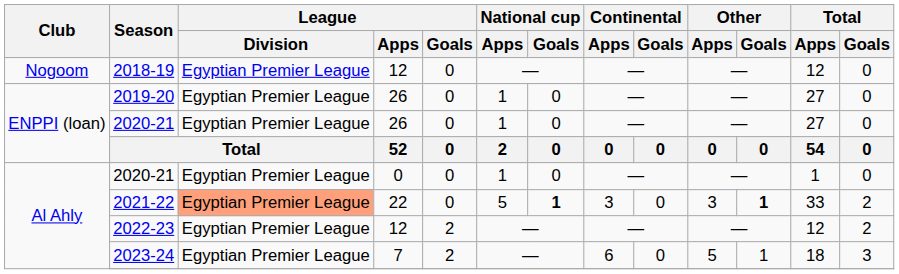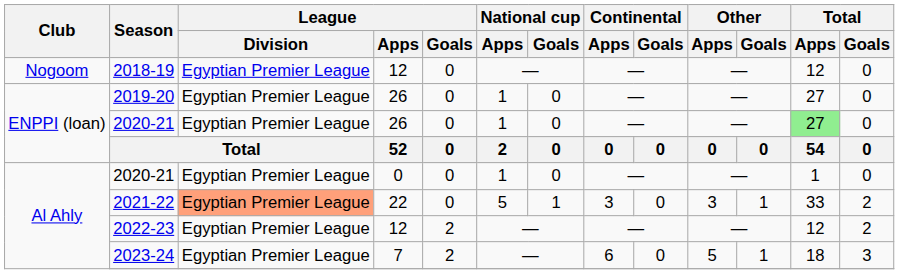 <table class="wikitable" style="text-align:center">
 <tr>
 <th rowspan="2">Club</th>
 <th rowspan="2">Season</th>
 <th colspan="3">League</th>
 <th colspan="2">National cup</th>
 <th colspan="2">Continental</th>
 <th colspan="2">Other</th>
 <th colspan="2">Total</th>
 </tr>
 <tr>
 <th>Division</th>
 <th>Apps</th>
 <th>Goals</th>
 <th>Apps</th>
 <th>Goals</th>
 <th>Apps</th>
 <th>Goals</th>
 <th>Apps</th>
 <th>Goals</th>
 <th>Apps</th>
 <th>Goals</th>
 </tr>
 <tr>
 <td><a href='#'>Nogoom</a></td>
 <td><a href='#'>2018-19</a></td>
 <td><a href='#'>Egyptian Premier League</a></td>
 <td>12</td>
 <td>0</td>
 <td colspan="2">—</td>
 <td colspan="2">—</td>
 <td colspan="2">—</td>
 <td>12</td>
 <td>0</td>
 </tr>
 <tr>
 <td rowspan="3"><a href='#'>ENPPI</a> (loan)</td>
 <td><a href='#'>2019-20</a></td>
 <td>Egyptian Premier League</td>
 <td>26</td>
 <td>0</td>
 <td>1</td>
 <td>0</td>
 <td colspan="2">—</td>
 <td colspan="2">—</td>
 <td>27</td>
 <td>0</td>
 </tr>
 <tr>
 <td><a href='#'>2020-21</a></td>
 <td>Egyptian Premier League</td>
 <td>26</td>
 <td>0</td>
 <td>1</td>
 <td>0</td>
 <td colspan="2">—</td>
 <td colspan="2">—</td>
-<td>27</td>
+<td style="background: lightgreen;">27</td>
 <td>0</td>
 </tr>
 <tr>
 <th colspan="2">Total</th>
 <th>52</th>
 <th>0</th>
 <th>2</th>
 <th>0</th>
 <th>0</th>
 <th>0</th>
 <th>0</th>
 <th>0</th>
 <th>54</th>
 <th>0</th>
 </tr>
 <tr>
 <td rowspan="5"><a href='#'>Al Ahly</a></td>
 <td>2020-21</td>
 <td>Egyptian Premier League</td>
 <td>0</td>
 <td>0</td>
 <td>1</td>
 <td>0</td>
 <td colspan="2">—</td>
 <td colspan="2">—</td>
 <td>1</td>
 <td>0</td>
 </tr>
 <tr>
 <td><a href='#'>2021-22</a></td>
 <td style="background: lightsalmon;">Egyptian Premier League</td>
 <td>22</td>
 <td>0</td>
 <td>5</td>
-<td><strong>1</strong></td>
+<td>1</td>
 <td>3</td>
 <td>0</td>
 <td>3</td>
-<td><strong>1</strong></td>
+<td>1</td>
 <td>33</td>
 <td>2</td>
 </tr>
 <tr>
 <td><a href='#'>2022-23</a></td>
 <td>Egyptian Premier League</td>
 <td>12</td>
 <td>2</td>
 <td colspan="2">—</td>
 <td colspan="2">—</td>
 <td colspan="2">—</td>
 <td>12</td>
 <td>2</td>
 </tr>
 <tr>
 <td><a href='#'>2023-24</a></td>
 <td>Egyptian Premier League</td>
 <td>7</td>
 <td>2</td>
 <td colspan="2">—</td>
 <td>6</td>
 <td>0</td>
 <td>5</td>
 <td>1</td>
 <td>18</td>
 <td>3</td>
 </tr>
 <tr>
 </tr>
 </table>
